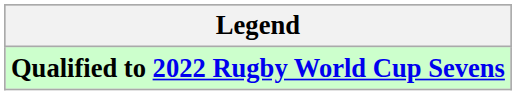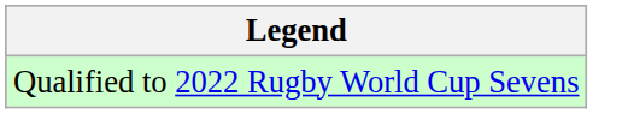 <table class="wikitable">
 <tr>
 <th>Legend</th>
 </tr>
 <tr bgcolor="ccffcc">
-<td><strong>Qualified to <a href='#'>2022 Rugby World Cup Sevens</a></strong></td>
+<td>Qualified to <a href='#'>2022 Rugby World Cup Sevens</a></td>
 </tr>
 </table>
